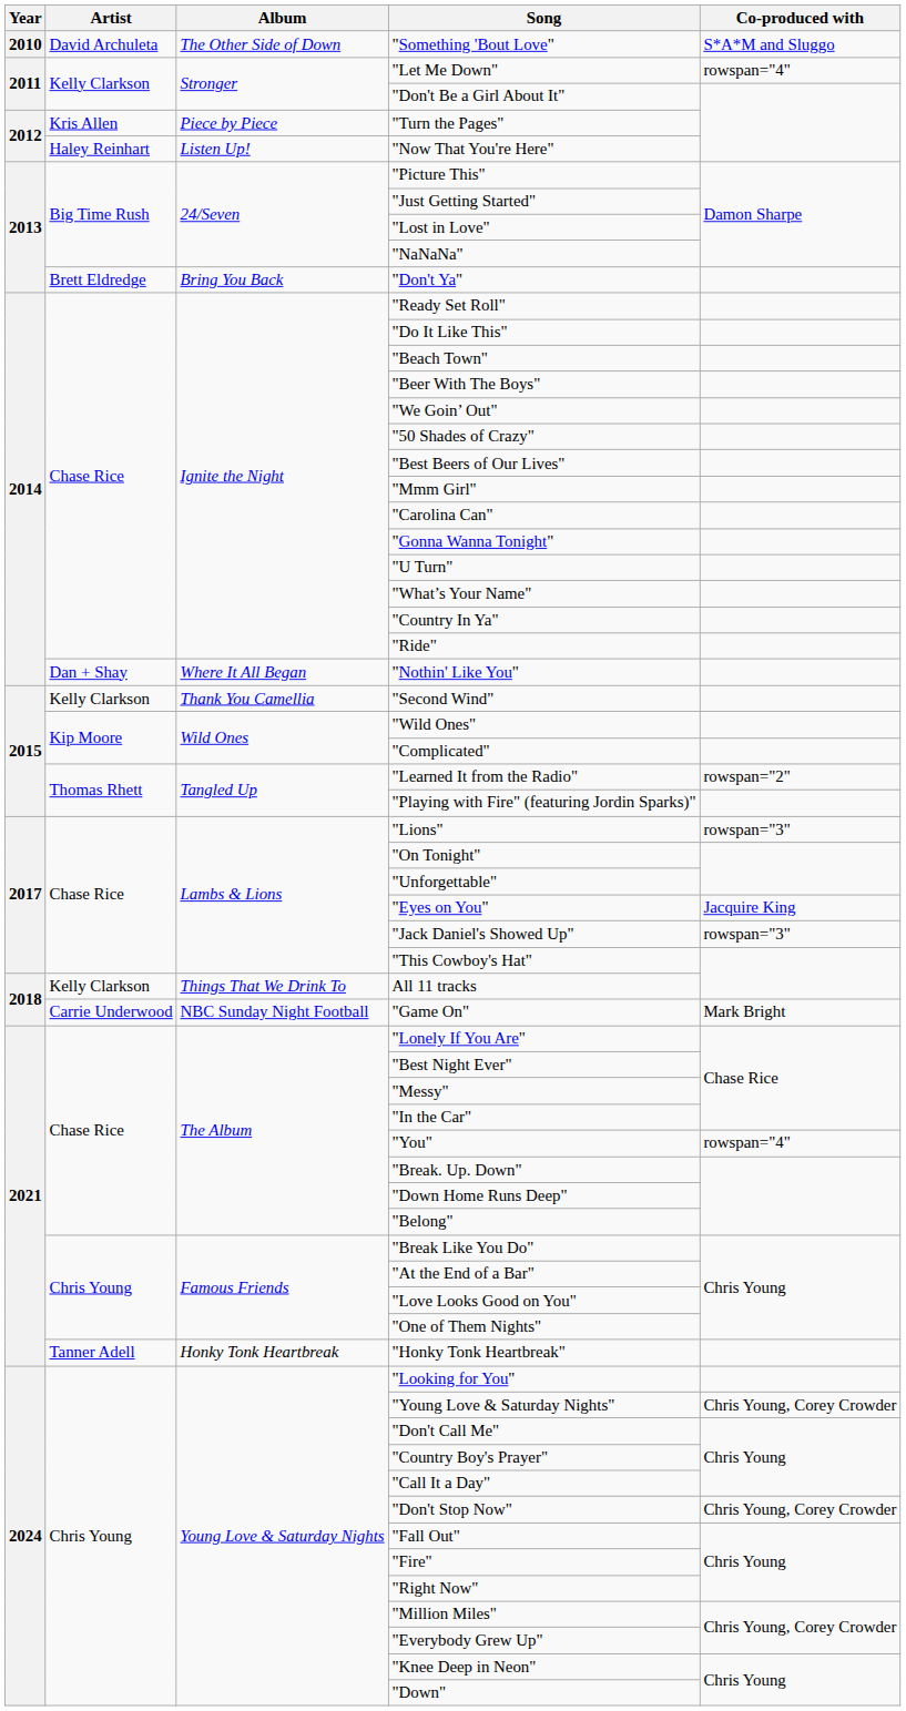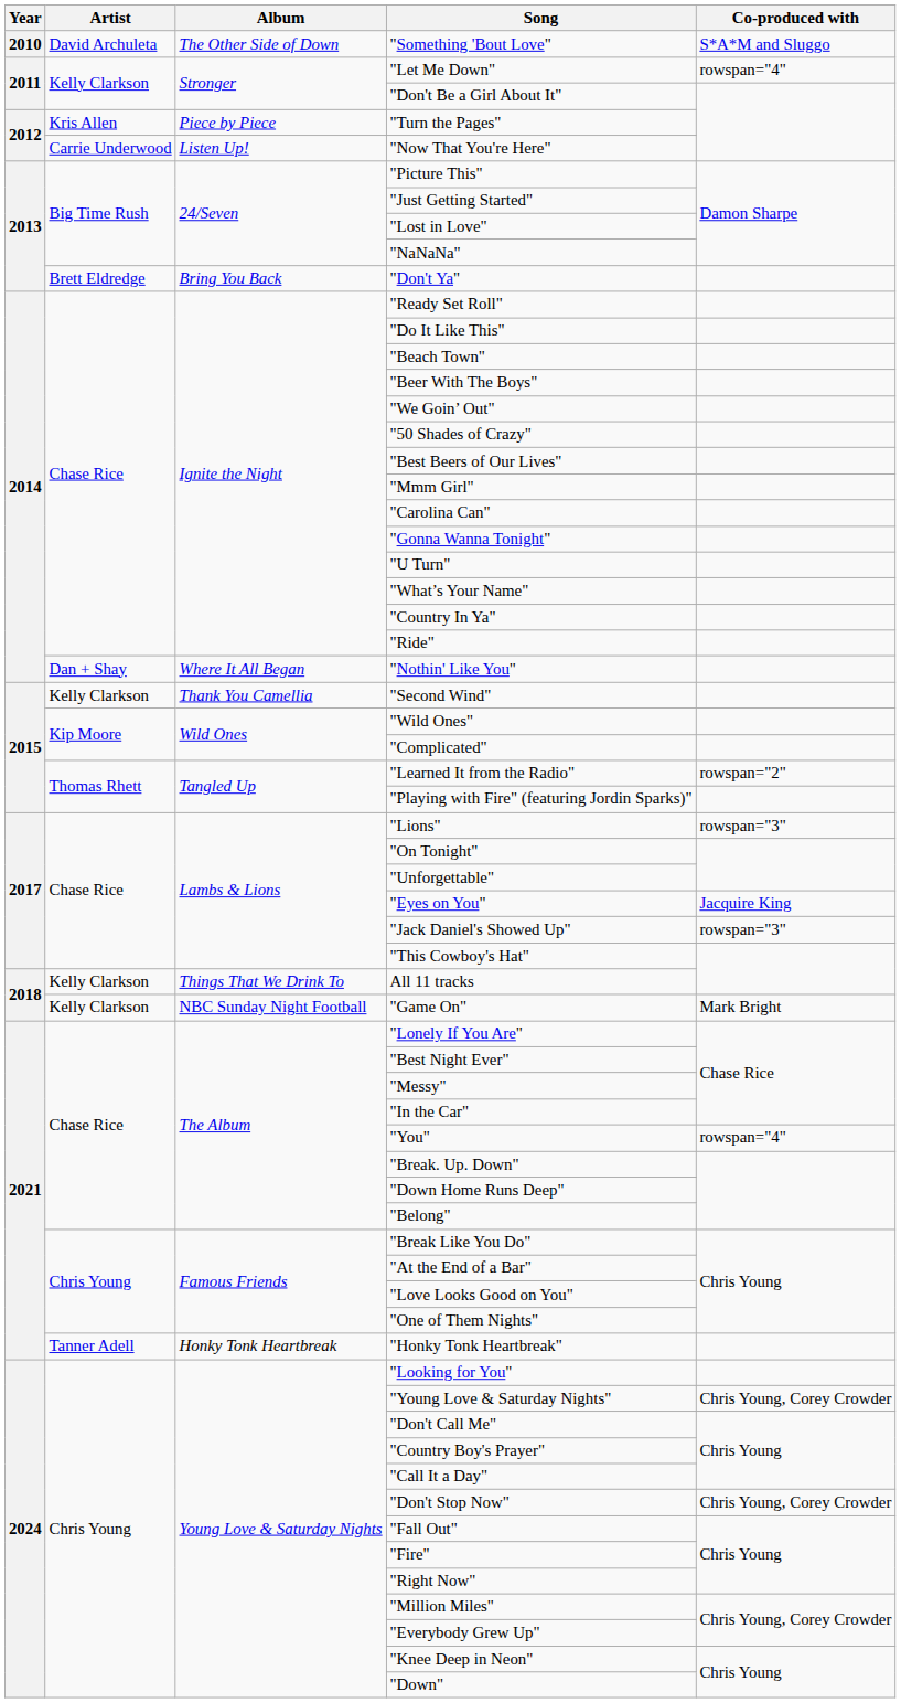 <table class="wikitable">
 <tr>
 <th>Year</th>
 <th>Artist</th>
 <th>Album</th>
 <th>Song</th>
 <th>Co-produced with</th>
 </tr>
 <tr>
 <th>2010</th>
 <td><a href='#'>David Archuleta</a></td>
 <td><em><a href='#'>The Other Side of Down</a></em></td>
 <td>"<a href='#'>Something 'Bout Love</a>"</td>
 <td><a href='#'>S*A*M and Sluggo</a></td>
 </tr>
 <tr>
 <th rowspan="2">2011</th>
 <td rowspan="2"><a href='#'>Kelly Clarkson</a></td>
 <td rowspan="2"><em><a href='#'>Stronger</a></em></td>
 <td>"Let Me Down"</td>
 <td>rowspan="4" </td>
 </tr>
 <tr>
 <td>"Don't Be a Girl About It"</td>
 </tr>
 <tr>
 <th rowspan="2">2012</th>
 <td><a href='#'>Kris Allen</a></td>
 <td><em><a href='#'>Piece by Piece</a></em></td>
 <td>"Turn the Pages"</td>
 </tr>
 <tr>
-<td><a href='#'>Haley Reinhart</a></td>
+<td><a href='#'>Carrie Underwood</a></td>
 <td><em><a href='#'>Listen Up!</a></em></td>
 <td>"Now That You're Here"</td>
 </tr>
 <tr>
 <th rowspan="5">2013</th>
 <td rowspan="4"><a href='#'>Big Time Rush</a></td>
 <td rowspan="4"><em><a href='#'>24/Seven</a></em></td>
 <td>"Picture This"</td>
 <td rowspan="4"><a href='#'>Damon Sharpe</a></td>
 </tr>
 <tr>
 <td>"Just Getting Started"</td>
 </tr>
 <tr>
 <td>"Lost in Love"</td>
 </tr>
 <tr>
 <td>"NaNaNa"</td>
 </tr>
 <tr>
 <td><a href='#'>Brett Eldredge</a></td>
 <td><em><a href='#'>Bring You Back</a></em></td>
 <td>"<a href='#'>Don't Ya</a>"</td>
 <td></td>
 </tr>
 <tr>
 <th rowspan="15">2014</th>
 <td rowspan="14"><a href='#'>Chase Rice</a></td>
 <td rowspan="14"><em><a href='#'>Ignite the Night</a></em></td>
 <td>"Ready Set Roll"</td>
 <td></td>
 </tr>
 <tr>
 <td>"Do It Like This"</td>
 <td></td>
 </tr>
 <tr>
 <td>"Beach Town"</td>
 <td></td>
 </tr>
 <tr>
 <td>"Beer With The Boys"</td>
 <td></td>
 </tr>
 <tr>
 <td>"We Goin’ Out"</td>
 <td></td>
 </tr>
 <tr>
 <td>"50 Shades of Crazy"</td>
 <td></td>
 </tr>
 <tr>
 <td>"Best Beers of Our Lives"</td>
 <td></td>
 </tr>
 <tr>
 <td>"Mmm Girl"</td>
 <td></td>
 </tr>
 <tr>
 <td>"Carolina Can"</td>
 <td></td>
 </tr>
 <tr>
 <td>"<a href='#'>Gonna Wanna Tonight</a>"</td>
 <td></td>
 </tr>
 <tr>
 <td>"U Turn"</td>
 <td></td>
 </tr>
 <tr>
 <td>"What’s Your Name"</td>
 <td></td>
 </tr>
 <tr>
 <td>"Country In Ya"</td>
 <td></td>
 </tr>
 <tr>
 <td>"Ride"</td>
 <td></td>
 </tr>
 <tr>
 <td><a href='#'>Dan + Shay</a></td>
 <td><em><a href='#'>Where It All Began</a></em></td>
 <td>"<a href='#'>Nothin' Like You</a>"</td>
 <td></td>
 </tr>
 <tr>
 <th rowspan="5">2015</th>
 <td>Kelly Clarkson</td>
 <td><em><a href='#'>Thank You Camellia</a></em></td>
 <td>"Second Wind"</td>
 <td></td>
 </tr>
 <tr>
 <td rowspan="2"><a href='#'>Kip Moore</a></td>
 <td rowspan="2"><em><a href='#'>Wild Ones</a></em></td>
 <td>"Wild Ones"</td>
 <td></td>
 </tr>
 <tr>
 <td>"Complicated"</td>
 <td></td>
 </tr>
 <tr>
 <td rowspan="2"><a href='#'>Thomas Rhett</a></td>
 <td rowspan="2"><em><a href='#'>Tangled Up</a></em></td>
 <td>"Learned It from the Radio"</td>
 <td>rowspan="2" </td>
 </tr>
 <tr>
 <td>"Playing with Fire" (featuring Jordin Sparks)"</td>
 </tr>
 <tr>
 <th rowspan="6">2017</th>
 <td rowspan="6">Chase Rice</td>
 <td rowspan="6"><em><a href='#'>Lambs & Lions</a></em></td>
 <td>"Lions"</td>
 <td>rowspan="3" </td>
 </tr>
 <tr>
 <td>"On Tonight"</td>
 </tr>
 <tr>
 <td>"Unforgettable"</td>
 </tr>
 <tr>
 <td>"<a href='#'>Eyes on You</a>"</td>
 <td><a href='#'>Jacquire King</a></td>
 </tr>
 <tr>
 <td>"Jack Daniel's Showed Up"</td>
 <td>rowspan="3" </td>
 </tr>
 <tr>
 <td>"This Cowboy's Hat" </td>
 </tr>
 <tr>
 <th rowspan="2">2018</th>
 <td>Kelly Clarkson</td>
 <td><em><a href='#'>Things That We Drink To</a></em></td>
 <td>All 11 tracks</td>
 </tr>
 <tr>
-<td><a href='#'>Carrie Underwood</a></td>
+<td>Kelly Clarkson</td>
 <td><a href='#'>NBC Sunday Night Football</a></td>
 <td>"Game On"</td>
 <td>Mark Bright</td>
 </tr>
 <tr>
 <th rowspan="13">2021</th>
 <td rowspan="8">Chase Rice</td>
 <td rowspan="8"><em><a href='#'>The Album</a></em></td>
 <td>"<a href='#'>Lonely If You Are</a>"</td>
 <td rowspan="4">Chase Rice</td>
 </tr>
 <tr>
 <td>"Best Night Ever"</td>
 </tr>
 <tr>
 <td>"Messy"</td>
 </tr>
 <tr>
 <td>"In the Car"</td>
 </tr>
 <tr>
 <td>"You"</td>
 <td>rowspan="4" </td>
 </tr>
 <tr>
 <td>"Break. Up. Down"</td>
 </tr>
 <tr>
 <td>"Down Home Runs Deep"</td>
 </tr>
 <tr>
 <td>"Belong"</td>
 </tr>
 <tr>
 <td rowspan="4"><a href='#'>Chris Young</a></td>
 <td rowspan="4"><em><a href='#'>Famous Friends</a></em></td>
 <td>"Break Like You Do"</td>
 <td rowspan="4">Chris Young</td>
 </tr>
 <tr>
 <td>"At the End of a Bar"</td>
 </tr>
 <tr>
 <td>"Love Looks Good on You"</td>
 </tr>
 <tr>
 <td>"One of Them Nights"</td>
 </tr>
 <tr>
 <td><a href='#'>Tanner Adell</a></td>
 <td><em>Honky Tonk Heartbreak</em></td>
 <td>"Honky Tonk Heartbreak"</td>
 <td></td>
 </tr>
 <tr>
 <th rowspan="13">2024</th>
 <td rowspan="13">Chris Young</td>
 <td rowspan="13"><em><a href='#'>Young Love & Saturday Nights</a></em></td>
 <td>"<a href='#'>Looking for You</a>"</td>
 <td></td>
 </tr>
 <tr>
 <td>"Young Love & Saturday Nights"</td>
 <td>Chris Young, Corey Crowder</td>
 </tr>
 <tr>
 <td>"Don't Call Me"</td>
 <td rowspan="3">Chris Young</td>
 </tr>
 <tr>
 <td>"Country Boy's Prayer"</td>
 </tr>
 <tr>
 <td>"Call It a Day"</td>
 </tr>
 <tr>
 <td>"Don't Stop Now"</td>
 <td>Chris Young, Corey Crowder</td>
 </tr>
 <tr>
 <td>"Fall Out"</td>
 <td rowspan="3">Chris Young</td>
 </tr>
 <tr>
 <td>"Fire"</td>
 </tr>
 <tr>
 <td>"Right Now"</td>
 </tr>
 <tr>
 <td>"Million Miles"</td>
 <td rowspan="2">Chris Young, Corey Crowder</td>
 </tr>
 <tr>
 <td>"Everybody Grew Up"</td>
 </tr>
 <tr>
 <td>"Knee Deep in Neon"</td>
 <td rowspan="2">Chris Young</td>
 </tr>
 <tr>
 <td>"Down"</td>
 </tr>
 </table>
